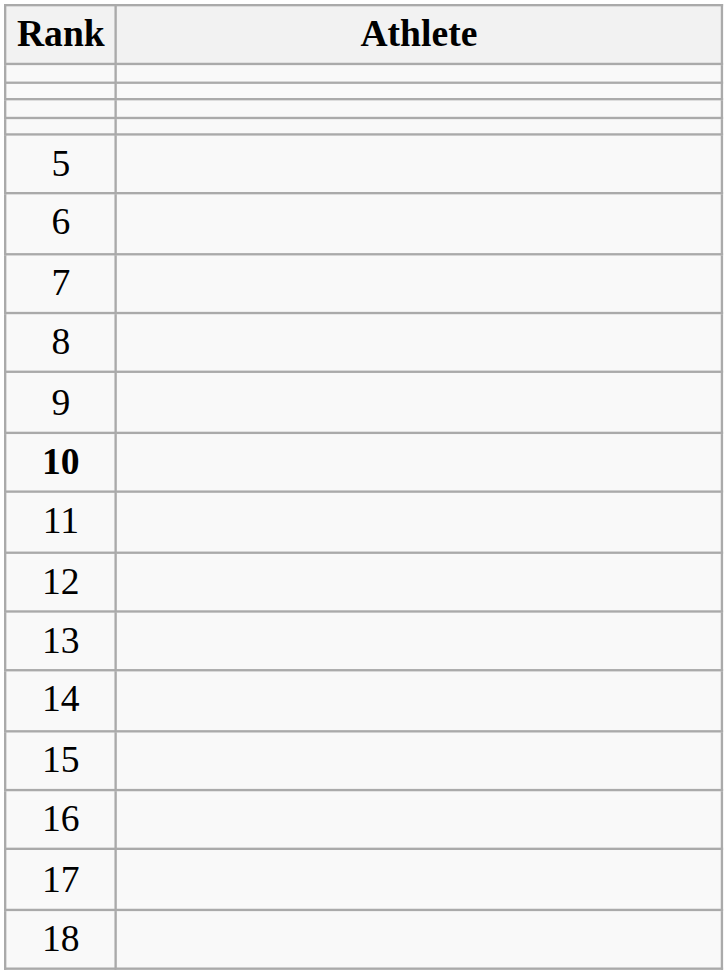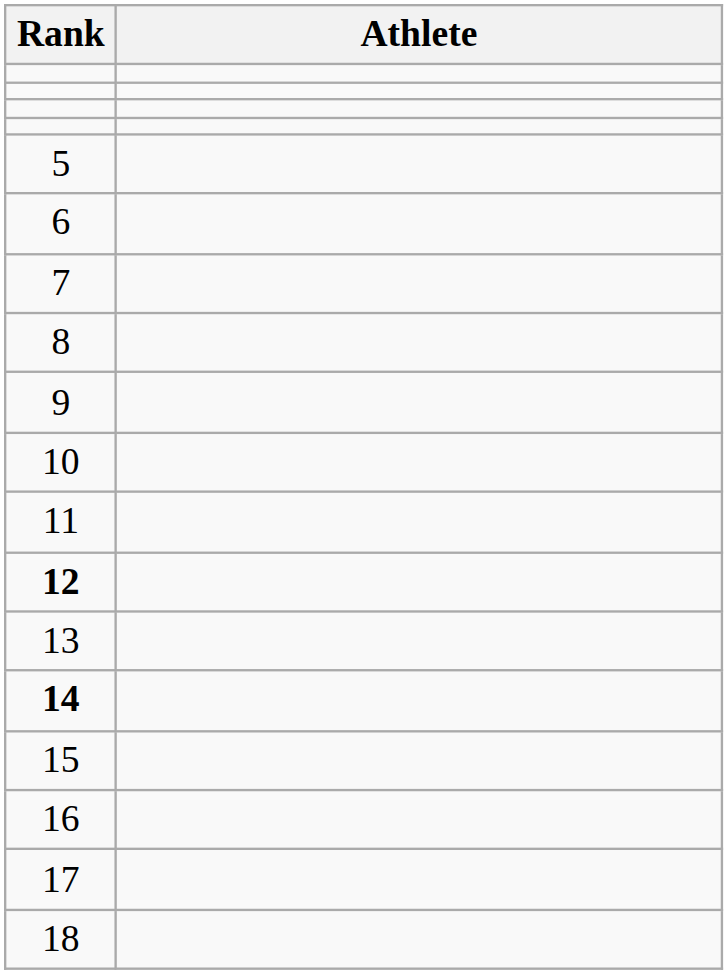 <table class="wikitable" style="text-align: center;">
 <tr>
 <th width=40>Rank</th>
 <th width=250>Athlete</th>
 </tr>
 <tr>
 <td></td>
 <td align=left></td>
 </tr>
 <tr>
 <td></td>
 <td align=left></td>
 </tr>
 <tr>
 <td></td>
 <td align=left></td>
 </tr>
 <tr>
 <td></td>
 <td align=left></td>
 </tr>
 <tr>
 <td>5</td>
 <td align=left></td>
 </tr>
 <tr>
 <td>6</td>
 <td align=left></td>
 </tr>
 <tr>
 <td>7</td>
 <td align=left></td>
 </tr>
 <tr>
 <td>8</td>
 <td align=left></td>
 </tr>
 <tr>
 <td>9</td>
 <td align=left></td>
 </tr>
 <tr>
-<td><strong>10</strong></td>
+<td>10</td>
 <td align=left></td>
 </tr>
 <tr>
 <td>11</td>
 <td align=left></td>
 </tr>
 <tr>
-<td>12</td>
+<td><strong>12</strong></td>
 <td align=left></td>
 </tr>
 <tr>
 <td>13</td>
 <td align=left></td>
 </tr>
 <tr>
-<td>14</td>
+<td><strong>14</strong></td>
 <td align=left></td>
 </tr>
 <tr>
 <td>15</td>
 <td align=left></td>
 </tr>
 <tr>
 <td>16</td>
 <td align=left></td>
 </tr>
 <tr>
 <td>17</td>
 <td align=left></td>
 </tr>
 <tr>
 <td>18</td>
 <td align=left></td>
 </tr>
 </table>
